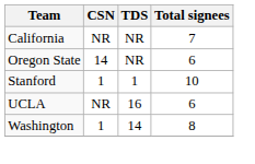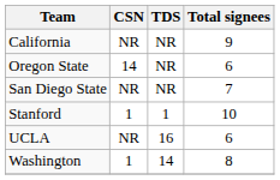 <table class="wikitable sortable">
 <tr>
 <th>Team</th>
 <th>CSN</th>
 <th>TDS</th>
 <th>Total signees</th>
 </tr>
 <tr>
 <td>California</td>
 <td style="text-align:center; background:white">NR</td>
 <td style="text-align:center; background:white">NR</td>
-<td style="text-align:center; background:white">7</td>
+<td style="text-align:center; background:white">9</td>
 </tr>
 <tr>
 <td>Oregon State</td>
 <td style="text-align:center; background:white">14</td>
 <td style="text-align:center; background:white">NR</td>
 <td style="text-align:center; background:white">6</td>
+</tr>
+<tr>
+<td>San Diego State</td>
+<td style="text-align:center; background:white">NR</td>
+<td style="text-align:center; background:white">NR</td>
+<td style="text-align:center; background:white">7</td>
 </tr>
 <tr>
 <td>Stanford</td>
 <td style="text-align:center; background:white">1</td>
 <td style="text-align:center; background:white">1</td>
 <td style="text-align:center; background:white">10</td>
 </tr>
 <tr>
 <td>UCLA</td>
 <td style="text-align:center; background:white">NR</td>
 <td style="text-align:center; background:white">16</td>
 <td style="text-align:center; background:white">6</td>
 </tr>
 <tr>
 <td>Washington</td>
 <td style="text-align:center; background:white">1</td>
 <td style="text-align:center; background:white">14</td>
 <td style="text-align:center; background:white">8</td>
 </tr>
 <tr>
 </tr>
 </table>
